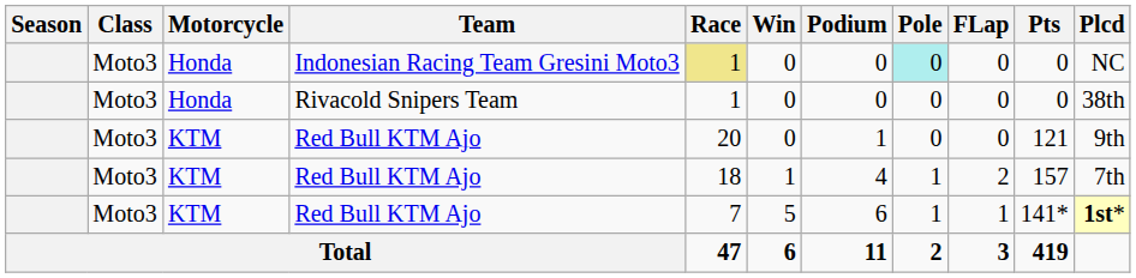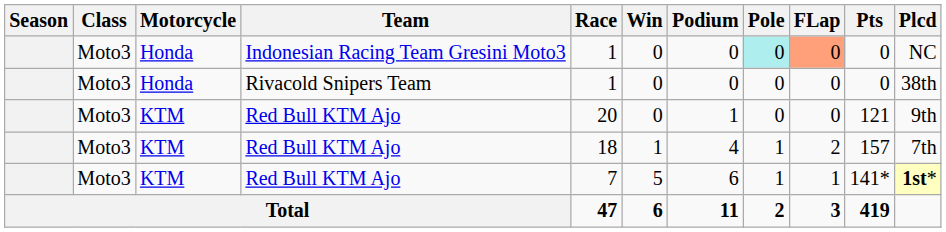 <table class="wikitable" style="text-align:right;">
 <tr>
 <th>Season</th>
 <th>Class</th>
 <th>Motorcycle</th>
 <th>Team</th>
 <th>Race</th>
 <th>Win</th>
 <th>Podium</th>
 <th>Pole</th>
 <th>FLap</th>
 <th>Pts</th>
 <th>Plcd</th>
 </tr>
 <tr>
 <th></th>
 <td>Moto3</td>
 <td style="text-align:left;"><a href='#'>Honda</a></td>
 <td style="text-align:left;"><a href='#'>Indonesian Racing Team Gresini Moto3</a></td>
-<td style="background: khaki;">1</td>
+<td>1</td>
 <td>0</td>
 <td>0</td>
 <td style="background: paleturquoise;">0</td>
-<td>0</td>
+<td style="background: lightsalmon;">0</td>
 <td>0</td>
 <td>NC</td>
 </tr>
 <tr>
 <th></th>
 <td>Moto3</td>
 <td style="text-align:left;"><a href='#'>Honda</a></td>
 <td style="text-align:left;">Rivacold Snipers Team</td>
 <td>1</td>
 <td>0</td>
 <td>0</td>
 <td>0</td>
 <td>0</td>
 <td>0</td>
 <td>38th</td>
 </tr>
 <tr>
 <th></th>
 <td>Moto3</td>
 <td style="text-align:left;"><a href='#'>KTM</a></td>
 <td style="text-align:left;"><a href='#'>Red Bull KTM Ajo</a></td>
 <td>20</td>
 <td>0</td>
 <td>1</td>
 <td>0</td>
 <td>0</td>
 <td>121</td>
 <td>9th</td>
 </tr>
 <tr>
 <th></th>
 <td>Moto3</td>
 <td style="text-align:left;"><a href='#'>KTM</a></td>
 <td style="text-align:left;"><a href='#'>Red Bull KTM Ajo</a></td>
 <td>18</td>
 <td>1</td>
 <td>4</td>
 <td>1</td>
 <td>2</td>
 <td>157</td>
 <td>7th</td>
 </tr>
 <tr>
 <th></th>
 <td>Moto3</td>
 <td style="text-align:left;"><a href='#'>KTM</a></td>
 <td style="text-align:left;"><a href='#'>Red Bull KTM Ajo</a></td>
 <td>7</td>
 <td>5</td>
 <td>6</td>
 <td>1</td>
 <td>1</td>
 <td>141*</td>
 <td style="background:#FFFFBF;"><strong>1st</strong>*</td>
 </tr>
 <tr>
 <th colspan="4">Total</th>
 <td><strong>47</strong></td>
 <td><strong>6</strong></td>
 <td><strong>11</strong></td>
 <td><strong>2</strong></td>
 <td><strong>3</strong></td>
 <td><strong>419</strong></td>
 <td></td>
 </tr>
 </table>
